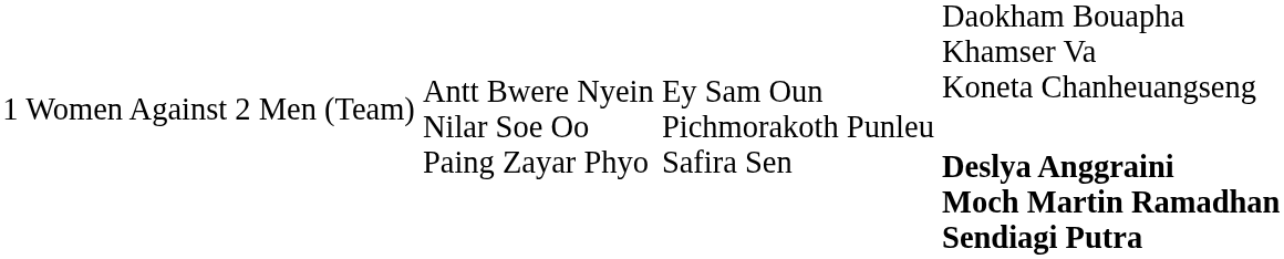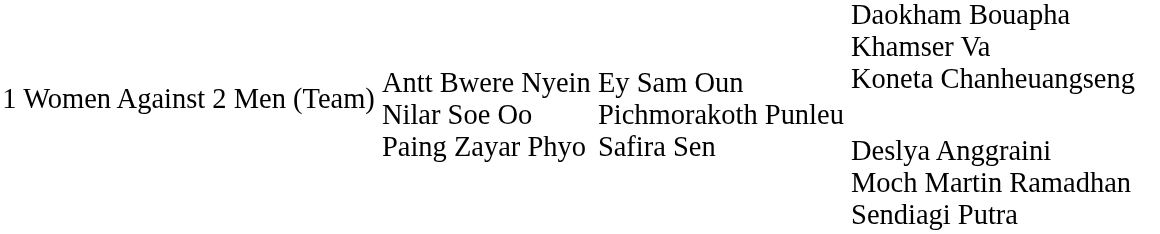 <table>
 <tr>
 <td rowspan=2>1 Women Against 2 Men (Team)</td>
 <td rowspan=2><br>Antt Bwere Nyein<br>Nilar Soe Oo<br>Paing Zayar Phyo</td>
 <td rowspan=2><br>Ey Sam Oun<br>Pichmorakoth Punleu<br>Safira Sen</td>
 <td><br>Daokham Bouapha<br>Khamser Va<br>Koneta Chanheuangseng</td>
 </tr>
 <tr>
-<td><strong><br>Deslya Anggraini<br>Moch Martin Ramadhan<br>Sendiagi Putra</strong></td>
+<td><br>Deslya Anggraini<br>Moch Martin Ramadhan<br>Sendiagi Putra</td>
 </tr>
 </table>
